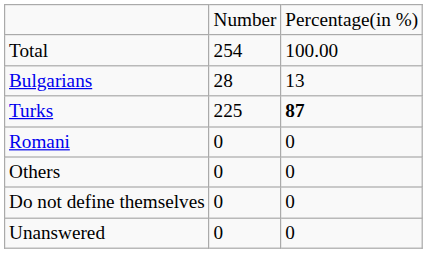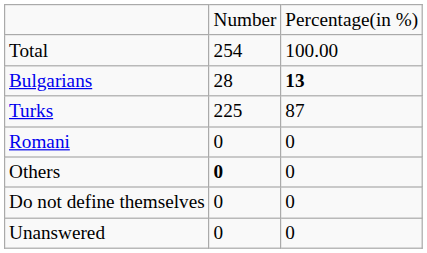 <table class="wikitable">
 <tr>
 <td></td>
 <td>Number</td>
 <td>Percentage(in %)</td>
 </tr>
 <tr>
 <td>Total</td>
 <td>254</td>
 <td>100.00</td>
 </tr>
 <tr>
 <td><a href='#'>Bulgarians</a></td>
 <td>28</td>
-<td>13</td>
+<td><strong>13</strong></td>
 </tr>
 <tr>
 <td><a href='#'>Turks</a></td>
 <td>225</td>
-<td><strong>87</strong></td>
+<td>87</td>
 </tr>
 <tr>
 <td><a href='#'>Romani</a></td>
 <td>0</td>
 <td>0</td>
 </tr>
 <tr>
 <td>Others</td>
-<td>0</td>
+<td><strong>0</strong></td>
 <td>0</td>
 </tr>
 <tr>
 <td>Do not define themselves</td>
 <td>0</td>
 <td>0</td>
 </tr>
 <tr>
 <td>Unanswered</td>
 <td>0</td>
 <td>0</td>
 </tr>
 </table>
